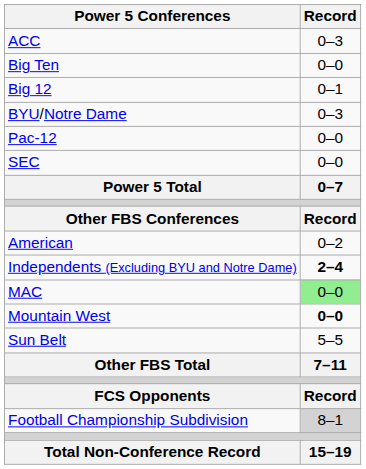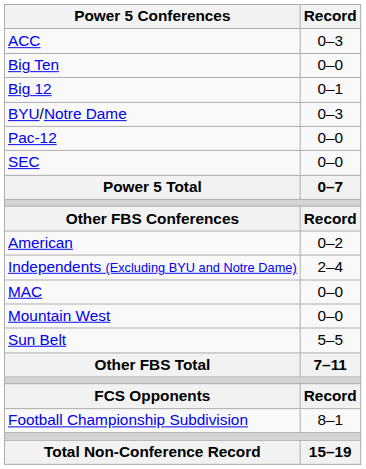 <table class="wikitable">
 <tr>
 <th>Power 5 Conferences</th>
 <th>Record</th>
 </tr>
 <tr>
 <td><a href='#'>ACC</a></td>
 <td align=center>0–3</td>
 </tr>
 <tr>
 <td><a href='#'>Big Ten</a></td>
 <td align=center>0–0</td>
 </tr>
 <tr>
 <td><a href='#'>Big 12</a></td>
 <td align=center>0–1</td>
 </tr>
 <tr>
 <td><a href='#'>BYU</a>/<a href='#'>Notre Dame</a></td>
 <td align=center>0–3</td>
 </tr>
 <tr>
 <td><a href='#'>Pac-12</a></td>
 <td align=center>0–0</td>
 </tr>
 <tr>
 <td><a href='#'>SEC</a></td>
 <td align=center>0–0</td>
 </tr>
 <tr>
 <th>Power 5 Total</th>
 <th>0–7</th>
 </tr>
 <tr>
 <th colspan="2" style="background:lightgrey;"></th>
 </tr>
 <tr>
 <th>Other FBS Conferences</th>
 <th>Record</th>
 </tr>
 <tr>
 <td><a href='#'>American</a></td>
 <td align=center>0–2</td>
 </tr>
 <tr>
 <td><a href='#'>Independents <small>(Excluding BYU and Notre Dame)</small></a></td>
-<td align=center><strong>2–4</strong></td>
+<td align=center>2–4</td>
 </tr>
 <tr>
 <td><a href='#'>MAC</a></td>
-<td align=center style="background: lightgreen;">0–0</td>
+<td align=center>0–0</td>
 </tr>
 <tr>
 <td><a href='#'>Mountain West</a></td>
-<td align=center><strong>0–0</strong></td>
+<td align=center>0–0</td>
 </tr>
 <tr>
 <td><a href='#'>Sun Belt</a></td>
 <td align=center>5–5</td>
 </tr>
 <tr>
 <th>Other FBS Total</th>
 <th>7–11</th>
 </tr>
 <tr>
 <th colspan="2" style="background:lightgrey;"></th>
 </tr>
 <tr>
 <th>FCS Opponents</th>
 <th>Record</th>
 </tr>
 <tr>
 <td><a href='#'>Football Championship Subdivision</a></td>
-<td align=center style="background: lightgrey;">8–1</td>
+<td align=center>8–1</td>
 </tr>
 <tr>
 <th colspan="2" style="background:lightgrey;"></th>
 </tr>
 <tr>
 <th>Total Non-Conference Record</th>
 <th>15–19</th>
 </tr>
 </table>
